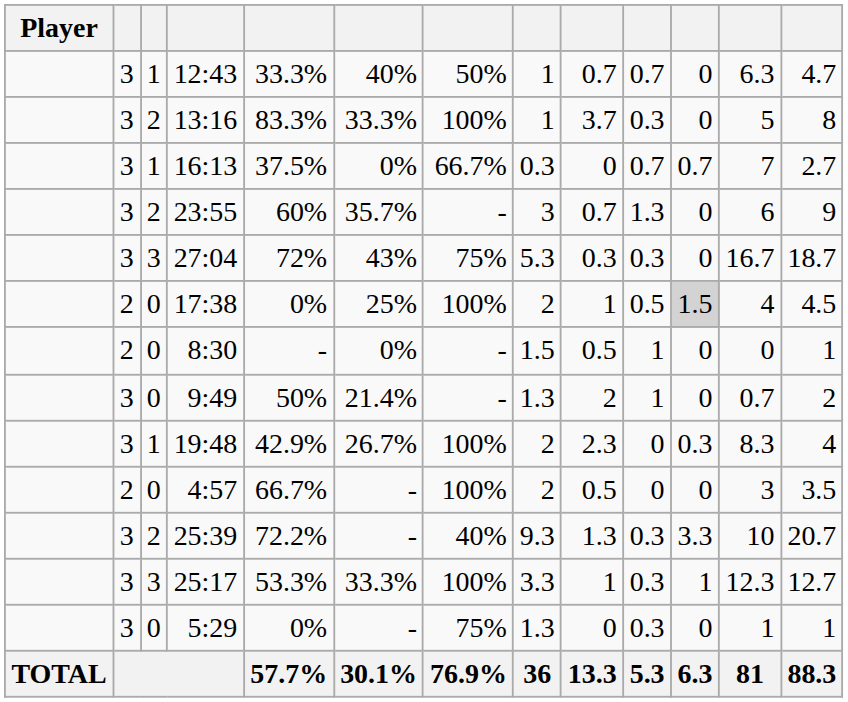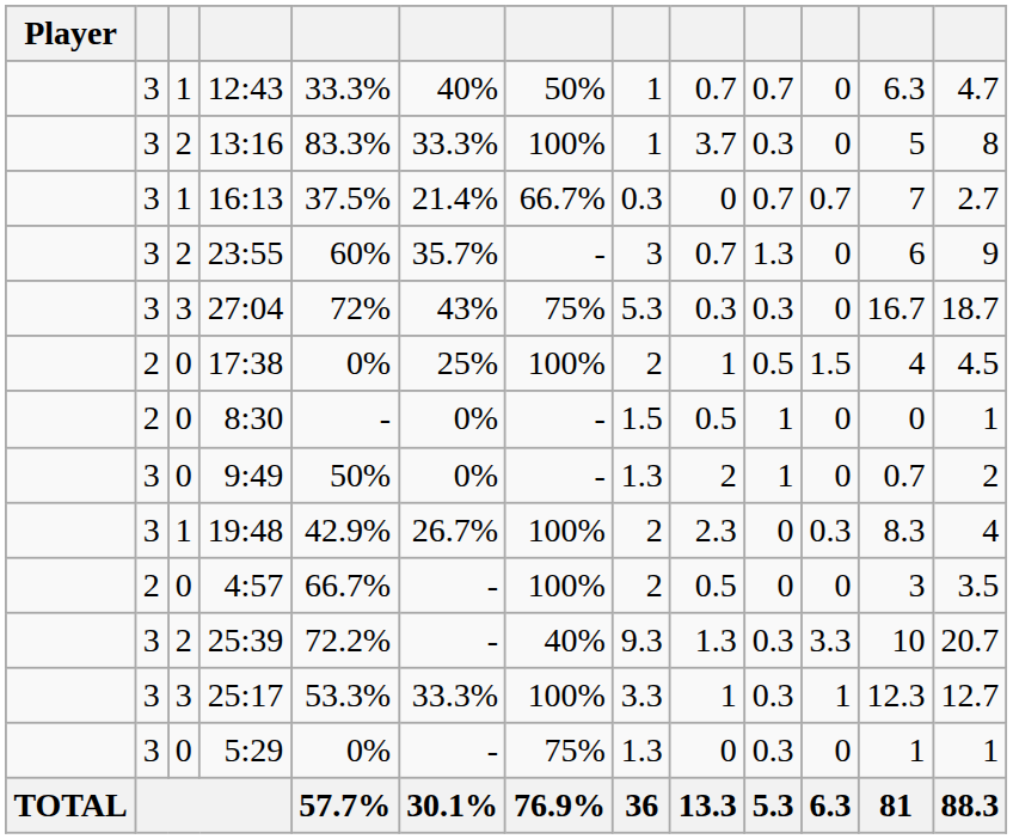 <table class="wikitable sortable" style="font-size:95%; text-align:right;">
 <tr>
 <th>Player</th>
 <th></th>
 <th></th>
 <th></th>
 <th></th>
 <th></th>
 <th></th>
 <th></th>
 <th></th>
 <th></th>
 <th></th>
 <th></th>
 <th></th>
 </tr>
 <tr>
 <td></td>
 <td>3</td>
 <td>1</td>
 <td>12:43</td>
 <td>33.3%</td>
 <td>40%</td>
 <td>50%</td>
 <td>1</td>
 <td>0.7</td>
 <td>0.7</td>
 <td>0</td>
 <td>6.3</td>
 <td>4.7</td>
 </tr>
 <tr>
 <td></td>
 <td>3</td>
 <td>2</td>
 <td>13:16</td>
 <td>83.3%</td>
 <td>33.3%</td>
 <td>100%</td>
 <td>1</td>
 <td>3.7</td>
 <td>0.3</td>
 <td>0</td>
 <td>5</td>
 <td>8</td>
 </tr>
 <tr>
 <td></td>
 <td>3</td>
 <td>1</td>
 <td>16:13</td>
 <td>37.5%</td>
-<td>0%</td>
+<td>21.4%</td>
 <td>66.7%</td>
 <td>0.3</td>
 <td>0</td>
 <td>0.7</td>
 <td>0.7</td>
 <td>7</td>
 <td>2.7</td>
 </tr>
 <tr>
 <td></td>
 <td>3</td>
 <td>2</td>
 <td>23:55</td>
 <td>60%</td>
 <td>35.7%</td>
 <td>-</td>
 <td>3</td>
 <td>0.7</td>
 <td>1.3</td>
 <td>0</td>
 <td>6</td>
 <td>9</td>
 </tr>
 <tr>
 <td></td>
 <td>3</td>
 <td>3</td>
 <td>27:04</td>
 <td>72%</td>
 <td>43%</td>
 <td>75%</td>
 <td>5.3</td>
 <td>0.3</td>
 <td>0.3</td>
 <td>0</td>
 <td>16.7</td>
 <td>18.7</td>
 </tr>
 <tr>
 <td></td>
 <td>2</td>
 <td>0</td>
 <td>17:38</td>
 <td>0%</td>
 <td>25%</td>
 <td>100%</td>
 <td>2</td>
 <td>1</td>
 <td>0.5</td>
-<td style="background: lightgrey;">1.5</td>
+<td>1.5</td>
 <td>4</td>
 <td>4.5</td>
 </tr>
 <tr>
 <td></td>
 <td>2</td>
 <td>0</td>
 <td>8:30</td>
 <td>-</td>
 <td>0%</td>
 <td>-</td>
 <td>1.5</td>
 <td>0.5</td>
 <td>1</td>
 <td>0</td>
 <td>0</td>
 <td>1</td>
 </tr>
 <tr>
 <td></td>
 <td>3</td>
 <td>0</td>
 <td>9:49</td>
 <td>50%</td>
-<td>21.4%</td>
+<td>0%</td>
 <td>-</td>
 <td>1.3</td>
 <td>2</td>
 <td>1</td>
 <td>0</td>
 <td>0.7</td>
 <td>2</td>
 </tr>
 <tr>
 <td></td>
 <td>3</td>
 <td>1</td>
 <td>19:48</td>
 <td>42.9%</td>
 <td>26.7%</td>
 <td>100%</td>
 <td>2</td>
 <td>2.3</td>
 <td>0</td>
 <td>0.3</td>
 <td>8.3</td>
 <td>4</td>
 </tr>
 <tr>
 <td></td>
 <td>2</td>
 <td>0</td>
 <td>4:57</td>
 <td>66.7%</td>
 <td>-</td>
 <td>100%</td>
 <td>2</td>
 <td>0.5</td>
 <td>0</td>
 <td>0</td>
 <td>3</td>
 <td>3.5</td>
 </tr>
 <tr>
 <td></td>
 <td>3</td>
 <td>2</td>
 <td>25:39</td>
 <td>72.2%</td>
 <td>-</td>
 <td>40%</td>
 <td>9.3</td>
 <td>1.3</td>
 <td>0.3</td>
 <td>3.3</td>
 <td>10</td>
 <td>20.7</td>
 </tr>
 <tr>
 <td></td>
 <td>3</td>
 <td>3</td>
 <td>25:17</td>
 <td>53.3%</td>
 <td>33.3%</td>
 <td>100%</td>
 <td>3.3</td>
 <td>1</td>
 <td>0.3</td>
 <td>1</td>
 <td>12.3</td>
 <td>12.7</td>
 </tr>
 <tr>
 <td></td>
 <td>3</td>
 <td>0</td>
 <td>5:29</td>
 <td>0%</td>
 <td>-</td>
 <td>75%</td>
 <td>1.3</td>
 <td>0</td>
 <td>0.3</td>
 <td>0</td>
 <td>1</td>
 <td>1</td>
 </tr>
 <tr>
 <th align=center><strong>TOTAL</strong></th>
 <th colspan=3></th>
 <th>57.7%</th>
 <th>30.1%</th>
 <th>76.9%</th>
 <th>36</th>
 <th>13.3</th>
 <th>5.3</th>
 <th>6.3</th>
 <th>81</th>
 <th>88.3</th>
 </tr>
 </table>
